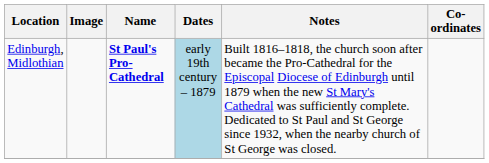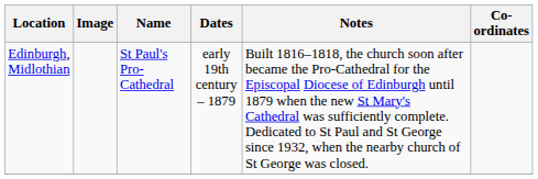 <table class="wikitable">
 <tr>
 <th width=10%>Location</th>
 <th width=5%>Image</th>
 <th width=15%>Name</th>
 <th width=10%>Dates</th>
 <th width=55%>Notes</th>
 <th width=5%>Co-ordinates</th>
 </tr>
 <tr valign=top>
 <td><a href='#'>Edinburgh</a>, <a href='#'>Midlothian</a></td>
 <td></td>
-<td><strong><a href='#'>St Paul's Pro-Cathedral</a></strong></td>
-<td style="background: lightblue; text-align:center">early 19th century – 1879</td>
+<td><a href='#'>St Paul's Pro-Cathedral</a></td>
+<td style="text-align:center">early 19th century – 1879</td>
 <td>Built 1816–1818, the church soon after became the Pro-Cathedral for the <a href='#'>Episcopal</a> <a href='#'>Diocese of Edinburgh</a> until 1879 when the new <a href='#'>St Mary's Cathedral</a> was sufficiently complete. Dedicated to St Paul and St George since 1932, when the nearby church of St George was closed.</td>
 <td style="font-size:smaller"></td>
 </tr>
 <tr>
 </tr>
 </table>
